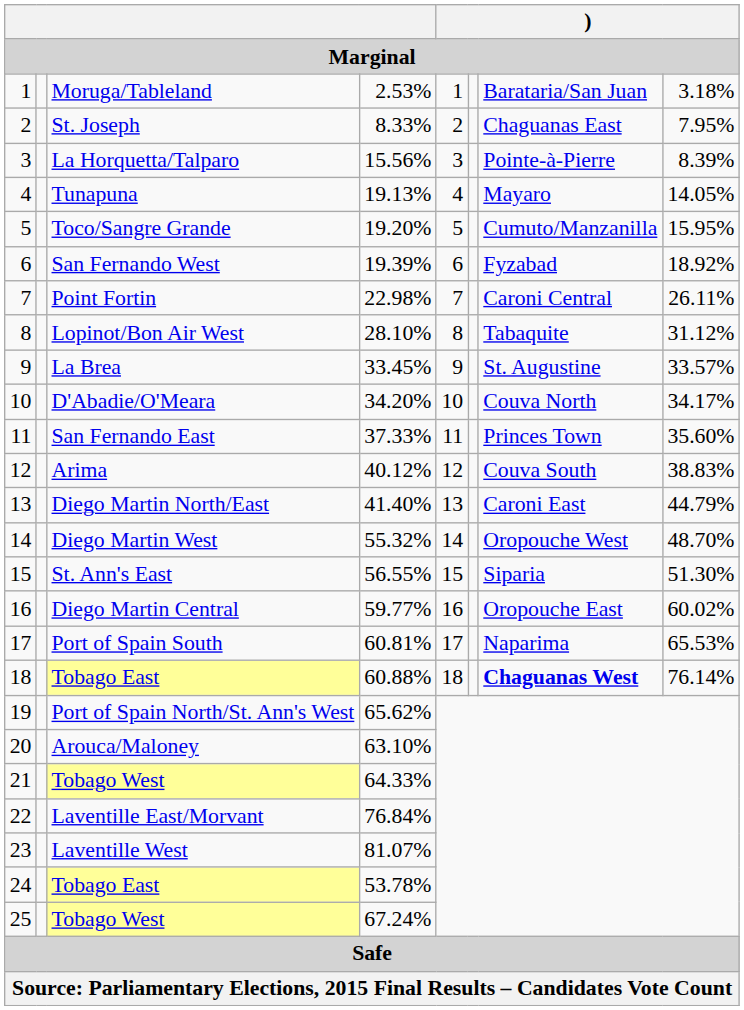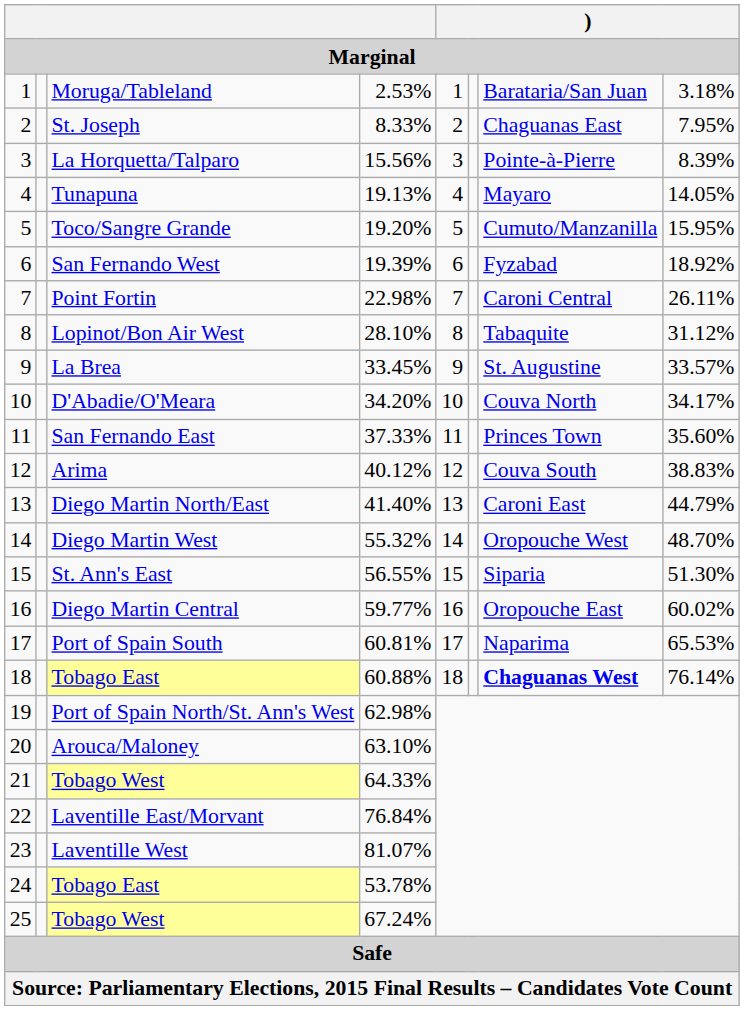 <table class="wikitable sortable mw-collapsible" style="text-align:right;">
 <tr>
 <th colspan="4" style="background:"><a href='#'></a></th>
 <th colspan="4" style="background:"><a href='#'></a> <a href='#'></a><a href='#'></a><a href='#'></a><a href='#'></a><a href='#'></a>)</th>
 </tr>
 <tr valign="top">
 <th colspan="8" style="background:lightgrey">Marginal</th>
 </tr>
 <tr valign="top">
 <td>1</td>
 <td style="background:"></td>
 <td style="text-align:left;"><a href='#'>Moruga/Tableland</a></td>
 <td>2.53%</td>
 <td>1</td>
 <td style="background:"></td>
 <td style="text-align:left;"><a href='#'>Barataria/San Juan</a></td>
 <td>3.18%</td>
 </tr>
 <tr valign="top">
 <td>2</td>
 <td style="background:"></td>
 <td style="text-align:left;"><a href='#'>St. Joseph</a></td>
 <td>8.33%</td>
 <td>2</td>
 <td style="background:"></td>
 <td style="text-align:left;"><a href='#'>Chaguanas East</a></td>
 <td>7.95%</td>
 </tr>
 <tr valign="top">
 <td>3</td>
 <td style="background:"></td>
 <td style="text-align:left;"><a href='#'>La Horquetta/Talparo</a></td>
 <td>15.56%</td>
 <td>3</td>
 <td style="background:"></td>
 <td style="text-align:left;"><a href='#'>Pointe-à-Pierre</a></td>
 <td>8.39%</td>
 </tr>
 <tr valign="top">
 <td>4</td>
 <td style="background:"></td>
 <td style="text-align:left;"><a href='#'>Tunapuna</a></td>
 <td>19.13%</td>
 <td>4</td>
 <td style="background:"></td>
 <td style="text-align:left;"><a href='#'>Mayaro</a></td>
 <td>14.05%</td>
 </tr>
 <tr valign="top">
 <td>5</td>
 <td style="background:"></td>
 <td style="text-align:left;"><a href='#'>Toco/Sangre Grande</a></td>
 <td>19.20%</td>
 <td>5</td>
 <td style="background:"></td>
 <td style="text-align:left;"><a href='#'>Cumuto/Manzanilla</a></td>
 <td>15.95%</td>
 </tr>
 <tr valign="top">
 <td>6</td>
 <td style="background:"></td>
 <td style="text-align:left;"><a href='#'>San Fernando West</a></td>
 <td>19.39%</td>
 <td>6</td>
 <td style="background:"></td>
 <td style="text-align:left;"><a href='#'>Fyzabad</a></td>
 <td>18.92%</td>
 </tr>
 <tr valign="top">
 <td>7</td>
 <td style="background:"></td>
 <td style="text-align:left;"><a href='#'>Point Fortin</a></td>
 <td>22.98%</td>
 <td>7</td>
 <td style="background:"></td>
 <td style="text-align:left;"><a href='#'>Caroni Central</a></td>
 <td>26.11%</td>
 </tr>
 <tr valign="top">
 <td>8</td>
 <td style="background:"></td>
 <td style="text-align:left;"><a href='#'>Lopinot/Bon Air West</a></td>
 <td>28.10%</td>
 <td>8</td>
 <td style="background:"></td>
 <td style="text-align:left;"><a href='#'>Tabaquite</a></td>
 <td>31.12%</td>
 </tr>
 <tr valign="top">
 <td>9</td>
 <td style="background:"></td>
 <td style="text-align:left;"><a href='#'>La Brea</a></td>
 <td>33.45%</td>
 <td>9</td>
 <td style="background:"></td>
 <td style="text-align:left;"><a href='#'>St. Augustine</a></td>
 <td>33.57%</td>
 </tr>
 <tr valign="top">
 <td>10</td>
 <td style="background:"></td>
 <td style="text-align:left;"><a href='#'>D'Abadie/O'Meara</a></td>
 <td>34.20%</td>
 <td>10</td>
 <td style="background:"></td>
 <td style="text-align:left;"><a href='#'>Couva North</a></td>
 <td>34.17%</td>
 </tr>
 <tr valign="top">
 <td>11</td>
 <td style="background:"></td>
 <td style="text-align:left;"><a href='#'>San Fernando East</a></td>
 <td>37.33%</td>
 <td>11</td>
 <td style="background:"></td>
 <td style="text-align:left;"><a href='#'>Princes Town</a></td>
 <td>35.60%</td>
 </tr>
 <tr valign="top">
 <td>12</td>
 <td style="background:"></td>
 <td style="text-align:left;"><a href='#'>Arima</a></td>
 <td>40.12%</td>
 <td>12</td>
 <td style="background:"></td>
 <td style="text-align:left;"><a href='#'>Couva South</a></td>
 <td>38.83%</td>
 </tr>
 <tr valign="top">
 <td>13</td>
 <td style="background:"></td>
 <td style="text-align:left;"><a href='#'>Diego Martin North/East</a></td>
 <td>41.40%</td>
 <td>13</td>
 <td style="background:"></td>
 <td style="text-align:left;"><a href='#'>Caroni East</a></td>
 <td>44.79%</td>
 </tr>
 <tr valign="top">
 <td>14</td>
 <td style="background:"></td>
 <td style="text-align:left;"><a href='#'>Diego Martin West</a></td>
 <td>55.32%</td>
 <td>14</td>
 <td style="background:"></td>
 <td style="text-align:left;"><a href='#'>Oropouche West</a></td>
 <td>48.70%</td>
 </tr>
 <tr valign="top">
 <td>15</td>
 <td style="background:"></td>
 <td style="text-align:left;"><a href='#'>St. Ann's East</a></td>
 <td>56.55%</td>
 <td>15</td>
 <td style="background:"></td>
 <td style="text-align:left;"><a href='#'>Siparia</a></td>
 <td>51.30%</td>
 </tr>
 <tr valign="top">
 <td>16</td>
 <td style="background:"></td>
 <td style="text-align:left;"><a href='#'>Diego Martin Central</a></td>
 <td>59.77%</td>
 <td>16</td>
 <td style="background:"></td>
 <td style="text-align:left;"><a href='#'>Oropouche East</a></td>
 <td>60.02%</td>
 </tr>
 <tr valign="top">
 <td>17</td>
 <td style="background:"></td>
 <td style="text-align:left;"><a href='#'>Port of Spain South</a></td>
 <td>60.81%</td>
 <td>17</td>
 <td style="background:"></td>
 <td style="text-align:left;"><a href='#'>Naparima</a></td>
 <td>65.53%</td>
 </tr>
 <tr valign="top">
 <td>18</td>
 <td style="background:"></td>
 <td style="text-align:left; background:#ffff99"><a href='#'>Tobago East</a></td>
 <td>60.88%</td>
 <td>18</td>
 <td style="background:"></td>
 <td style="text-align:left;"><strong><a href='#'>Chaguanas West</a></strong></td>
 <td>76.14%</td>
 </tr>
 <tr valign="top">
 <td>19</td>
 <td style="background:"></td>
 <td style="text-align:left;"><a href='#'>Port of Spain North/St. Ann's West</a></td>
-<td>65.62%</td>
+<td>62.98%</td>
 </tr>
 <tr valign="top">
 <td>20</td>
 <td style="background:"></td>
 <td style="text-align:left;"><a href='#'>Arouca/Maloney</a></td>
 <td>63.10%</td>
 </tr>
 <tr valign="top">
 <td>21</td>
 <td style="background:"></td>
 <td style="text-align:left; background:#ffff99"><a href='#'>Tobago West</a></td>
 <td>64.33%</td>
 </tr>
 <tr valign="top">
 <td>22</td>
 <td style="background:"></td>
 <td style="text-align:left;"><a href='#'>Laventille East/Morvant</a></td>
 <td>76.84%</td>
 </tr>
 <tr valign="top">
 <td>23</td>
 <td style="background:"></td>
 <td style="text-align:left;"><a href='#'>Laventille West</a></td>
 <td>81.07%</td>
 </tr>
 <tr>
 <td>24</td>
 <td style="background:"></td>
 <td style="text-align:left; background:#ffff99"><a href='#'>Tobago East</a></td>
 <td>53.78%</td>
 </tr>
 <tr>
 <td>25</td>
 <td style="background:"></td>
 <td style="text-align:left; background:#ffff99"><a href='#'>Tobago West</a></td>
 <td>67.24%</td>
 </tr>
 <tr valign="top">
 <th colspan="8" style="background:lightgrey">Safe</th>
 </tr>
 <tr>
 <th colspan="8">Source: Parliamentary Elections, 2015 Final Results – Candidates Vote Count</th>
 </tr>
 </table>
